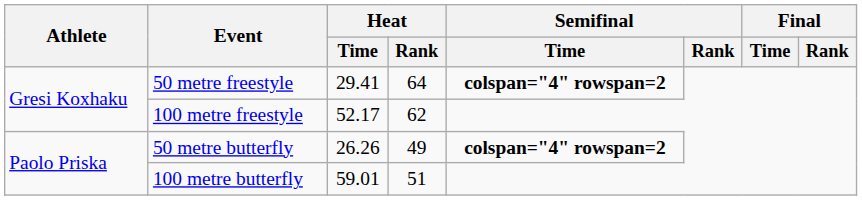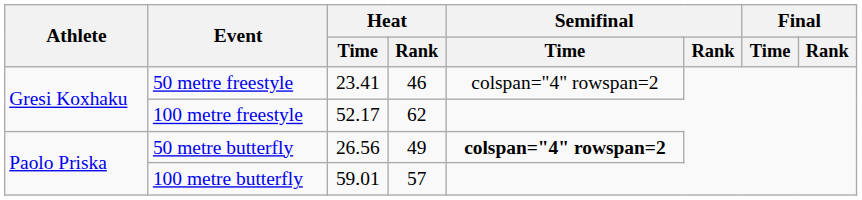 <table class="wikitable" style="text-align:center; font-size:90%; width:50%;">
 <tr>
 <th rowspan="2">Athlete</th>
 <th rowspan="2">Event</th>
 <th colspan="2">Heat</th>
 <th colspan="2">Semifinal</th>
 <th colspan="2">Final</th>
 </tr>
 <tr style="font-size:95%">
 <th>Time</th>
 <th>Rank</th>
 <th>Time</th>
 <th>Rank</th>
 <th>Time</th>
 <th>Rank</th>
 </tr>
 <tr>
 <td align=left rowspan=2><a href='#'>Gresi Koxhaku</a></td>
 <td align=left><a href='#'>50 metre freestyle</a></td>
-<td>29.41</td>
-<td>64</td>
-<td><strong>colspan="4" rowspan=2</strong></td>
+<td>23.41</td>
+<td>46</td>
+<td>colspan="4" rowspan=2</td>
 </tr>
 <tr>
 <td align=left><a href='#'>100 metre freestyle</a></td>
 <td>52.17</td>
 <td>62</td>
 </tr>
 <tr>
 <td align=left rowspan=2><a href='#'>Paolo Priska</a></td>
 <td align=left><a href='#'>50 metre butterfly</a></td>
-<td>26.26</td>
+<td>26.56</td>
 <td>49</td>
 <td><strong>colspan="4" rowspan=2</strong></td>
 </tr>
 <tr>
 <td align=left><a href='#'>100 metre butterfly</a></td>
 <td>59.01</td>
-<td>51</td>
+<td>57</td>
 </tr>
 </table>
